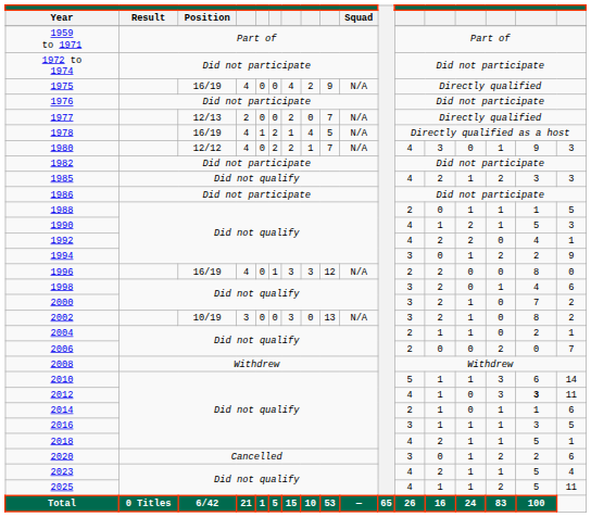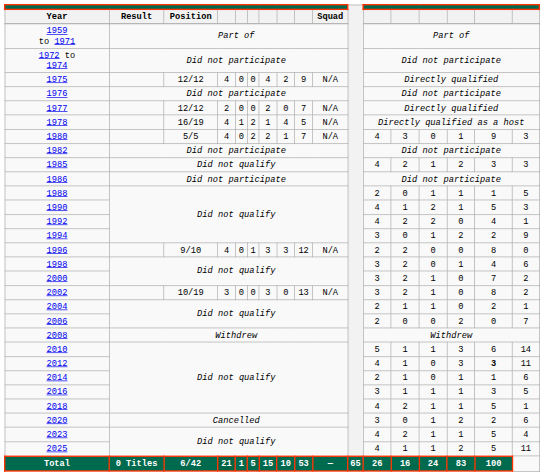 <table class="wikitable" style="text-align:center;font-size:100%;width: 800px">
 <tr>
 <th colspan=10 style="background: #006a4e;border: 2px solid #ff3300;color: #FFFFFF;"><a href='#'></a></th>
 <th style="width:1%;" rowspan="32"></th>
 <th colspan=6 style="background: #006a4e;border: 2px solid #ff3300;color: #FFFFFF;"><a href='#'></a></th>
 </tr>
 <tr>
 <th width=150>Year</th>
 <th>Result</th>
 <th>Position</th>
 <th></th>
 <th></th>
 <th></th>
 <th></th>
 <th></th>
 <th></th>
 <th>Squad</th>
 <th></th>
 <th></th>
 <th></th>
 <th></th>
 <th></th>
 <th></th>
 </tr>
 <tr>
 </tr>
 <tr>
 <td> <a href='#'>1959</a><br>to  <a href='#'>1971</a></td>
 <td colspan=10><em>Part of </em></td>
 <td colspan=6><em>Part of </em></td>
 </tr>
 <tr>
 <td> <a href='#'>1972</a> to <br> <a href='#'>1974</a></td>
 <td colspan=10><em>Did not participate</em></td>
 <td colspan=7><em>Did not participate</em></td>
 </tr>
 <tr>
 <td> <a href='#'>1975</a></td>
 <td></td>
-<td>16/19</td>
+<td>12/12</td>
 <td>4</td>
 <td>0</td>
 <td>0</td>
 <td>4</td>
 <td>2</td>
 <td>9</td>
 <td>N/A</td>
 <td colspan=6><em>Directly qualified</em></td>
 </tr>
 <tr>
 <td> <a href='#'>1976</a></td>
 <td colspan=10><em>Did not participate</em></td>
 <td colspan=7><em>Did not participate</em></td>
 </tr>
 <tr>
 <td> <a href='#'>1977</a></td>
 <td></td>
-<td>12/13</td>
+<td>12/12</td>
 <td>2</td>
 <td>0</td>
 <td>0</td>
 <td>2</td>
 <td>0</td>
 <td>7</td>
 <td>N/A</td>
 <td colspan=6><em>Directly qualified</em></td>
 </tr>
 <tr>
 <td> <a href='#'>1978</a></td>
 <td></td>
 <td>16/19</td>
 <td>4</td>
 <td>1</td>
 <td>2</td>
 <td>1</td>
 <td>4</td>
 <td>5</td>
 <td>N/A</td>
 <td colspan=6><em>Directly qualified as a host</em></td>
 </tr>
 <tr>
 <td> <a href='#'>1980</a></td>
 <td></td>
-<td>12/12</td>
+<td>5/5</td>
 <td>4</td>
 <td>0</td>
 <td>2</td>
 <td>2</td>
 <td>1</td>
 <td>7</td>
 <td>N/A</td>
 <td>4</td>
 <td>3</td>
 <td>0</td>
 <td>1</td>
 <td>9</td>
 <td>3</td>
 </tr>
 <tr>
 <td> <a href='#'>1982</a></td>
 <td colspan=10><em>Did not participate</em></td>
 <td colspan=7><em>Did not participate</em></td>
 </tr>
 <tr>
 <td> <a href='#'>1985</a></td>
 <td colspan=10><em>Did not qualify</em></td>
 <td>4</td>
 <td>2</td>
 <td>1</td>
 <td>2</td>
 <td>3</td>
 <td>3</td>
 </tr>
 <tr>
 <td> <a href='#'>1986</a></td>
 <td colspan=10><em>Did not participate</em></td>
 <td colspan=7><em>Did not participate</em></td>
 </tr>
 <tr>
 <td> <a href='#'>1988</a></td>
 <td rowspan=4 colspan=10><em>Did not qualify</em></td>
 <td>2</td>
 <td>0</td>
 <td>1</td>
 <td>1</td>
 <td>1</td>
 <td>5</td>
 </tr>
 <tr>
 <td> <a href='#'>1990</a></td>
 <td>4</td>
 <td>1</td>
 <td>2</td>
 <td>1</td>
 <td>5</td>
 <td>3</td>
 </tr>
 <tr>
 <td> <a href='#'>1992</a></td>
 <td>4</td>
 <td>2</td>
 <td>2</td>
 <td>0</td>
 <td>4</td>
 <td>1</td>
 </tr>
 <tr>
 <td> <a href='#'>1994</a></td>
 <td>3</td>
 <td>0</td>
 <td>1</td>
 <td>2</td>
 <td>2</td>
 <td>9</td>
 </tr>
 <tr>
 <td> <a href='#'>1996</a></td>
 <td></td>
-<td>16/19</td>
+<td>9/10</td>
 <td>4</td>
 <td>0</td>
 <td>1</td>
 <td>3</td>
 <td>3</td>
 <td>12</td>
 <td>N/A</td>
 <td>2</td>
 <td>2</td>
 <td>0</td>
 <td>0</td>
 <td>8</td>
 <td>0</td>
 </tr>
 <tr>
 <td> <a href='#'>1998</a></td>
 <td rowspan=2 colspan=10><em>Did not qualify</em></td>
 <td>3</td>
 <td>2</td>
 <td>0</td>
 <td>1</td>
 <td>4</td>
 <td>6</td>
 </tr>
 <tr>
 <td> <a href='#'>2000</a></td>
 <td>3</td>
 <td>2</td>
 <td>1</td>
 <td>0</td>
 <td>7</td>
 <td>2</td>
 </tr>
 <tr>
 <td> <a href='#'>2002</a></td>
 <td></td>
 <td>10/19</td>
 <td>3</td>
 <td>0</td>
 <td>0</td>
 <td>3</td>
 <td>0</td>
 <td>13</td>
 <td>N/A</td>
 <td>3</td>
 <td>2</td>
 <td>1</td>
 <td>0</td>
 <td>8</td>
 <td>2</td>
 </tr>
 <tr>
 <td> <a href='#'>2004</a></td>
 <td rowspan=2 colspan=10><em>Did not qualify</em></td>
 <td>2</td>
 <td>1</td>
 <td>1</td>
 <td>0</td>
 <td>2</td>
 <td>1</td>
 </tr>
 <tr>
 <td> <a href='#'>2006</a></td>
 <td>2</td>
 <td>0</td>
 <td>0</td>
 <td>2</td>
 <td>0</td>
 <td>7</td>
 </tr>
 <tr>
 <td> <a href='#'>2008</a></td>
 <td colspan=10><em>Withdrew</em></td>
 <td colspan=7><em>Withdrew</em></td>
 </tr>
 <tr>
 <td> <a href='#'>2010</a></td>
 <td rowspan=5 colspan=10><em>Did not qualify</em></td>
 <td>5</td>
 <td>1</td>
 <td>1</td>
 <td>3</td>
 <td>6</td>
 <td>14</td>
 </tr>
 <tr>
 <td> <a href='#'>2012</a></td>
 <td>4</td>
 <td>1</td>
 <td>0</td>
 <td>3</td>
 <td><strong>3</strong></td>
 <td>11</td>
 </tr>
 <tr>
 <td> <a href='#'>2014</a></td>
 <td>2</td>
 <td>1</td>
 <td>0</td>
 <td>1</td>
 <td>1</td>
 <td>6</td>
 </tr>
 <tr>
 <td> <a href='#'>2016</a></td>
 <td>3</td>
 <td>1</td>
 <td>1</td>
 <td>1</td>
 <td>3</td>
 <td>5</td>
 </tr>
 <tr>
 <td> <a href='#'>2018</a></td>
 <td>4</td>
 <td>2</td>
 <td>1</td>
 <td>1</td>
 <td>5</td>
 <td>1</td>
 </tr>
 <tr>
 <td> <a href='#'>2020</a></td>
 <td colspan=10><em>Cancelled</em></td>
 <td>3</td>
 <td>0</td>
 <td>1</td>
 <td>2</td>
 <td>2</td>
 <td>6</td>
 </tr>
 <tr>
 <td> <a href='#'>2023</a></td>
 <td rowspan=2 colspan=10><em>Did not qualify</em></td>
 <td>4</td>
 <td>2</td>
 <td>1</td>
 <td>1</td>
 <td>5</td>
 <td>4</td>
 </tr>
 <tr>
 <td> <a href='#'>2025</a></td>
 <td>4</td>
 <td>1</td>
 <td>1</td>
 <td>2</td>
 <td>5</td>
 <td>11</td>
 </tr>
 <tr>
 <td style="background: #006a4e;border: 2px solid #ff3300;color:white; "><strong>Total</strong></td>
 <td style="background: #006a4e;border: 2px solid #ff3300;color:white; "><strong>0 Titles</strong></td>
 <td style="background: #006a4e;border: 2px solid #ff3300;color:white; "><strong>6/42</strong></td>
 <td style="background: #006444;border: 2px solid #ff3300;color:white; "><strong>21</strong></td>
 <td style="background: #006a4e;border: 2px solid #ff3300;color:white; "><strong>1</strong></td>
 <td style="background: #006a4e;border: 2px solid #ff3300;color:white; "><strong>5</strong></td>
 <td style="background: #006a4e;border: 2px solid #ff3300;color:white; "><strong>15</strong></td>
 <td style="background: #006a4e;border: 2px solid #ff3300;color:white; "><strong>10</strong></td>
 <td style="background: #006a4e;border: 2px solid #ff3300;color:white; "><strong>53</strong></td>
 <td style="background: #006a4e;border: 2px solid #ff3300;color:white; "><strong>—</strong></td>
 <td style="background: #006a4e;border: 2px solid #ff3300;color:white; "><strong>65</strong></td>
 <td style="background: #006a4e;border: 2px solid #ff3300;color:white; "><strong>26</strong></td>
 <td style="background: #006a4e;border: 2px solid #ff3300;color:white; "><strong>16</strong></td>
 <td style="background: #006a4e;border: 2px solid #ff3300;color:white; "><strong>24</strong></td>
 <td style="background: #006a4e;border: 2px solid #ff3300;color:white; "><strong>83</strong></td>
 <td style="background: #006a4e;border: 2px solid #ff3300;color:white; "><strong>100</strong></td>
 </tr>
 </table>
